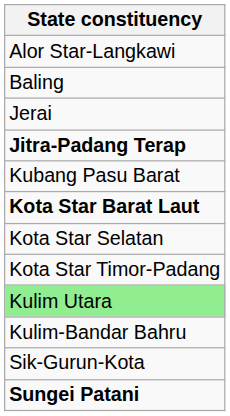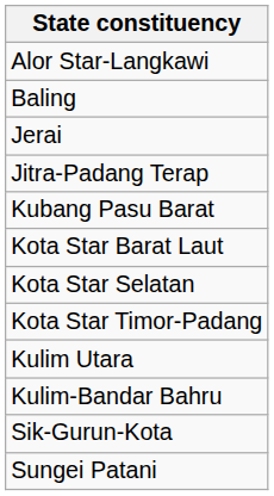 <table class=wikitable>
 <tr>
 <th>State constituency</th>
 </tr>
 <tr>
 <td>Alor Star-Langkawi</td>
 </tr>
 <tr>
 <td>Baling</td>
 </tr>
 <tr>
 <td>Jerai</td>
 </tr>
 <tr>
-<td><strong>Jitra-Padang Terap</strong></td>
+<td>Jitra-Padang Terap</td>
 </tr>
 <tr>
 <td>Kubang Pasu Barat</td>
 </tr>
 <tr>
-<td><strong>Kota Star Barat Laut</strong></td>
+<td>Kota Star Barat Laut</td>
 </tr>
 <tr>
 <td>Kota Star Selatan</td>
 </tr>
 <tr>
 <td>Kota Star Timor-Padang</td>
 </tr>
 <tr>
-<td style="background: lightgreen;">Kulim Utara</td>
+<td>Kulim Utara</td>
 </tr>
 <tr>
 <td>Kulim-Bandar Bahru</td>
 </tr>
 <tr>
 <td>Sik-Gurun-Kota</td>
 </tr>
 <tr>
-<td><strong>Sungei Patani</strong></td>
+<td>Sungei Patani</td>
 </tr>
 </table>
